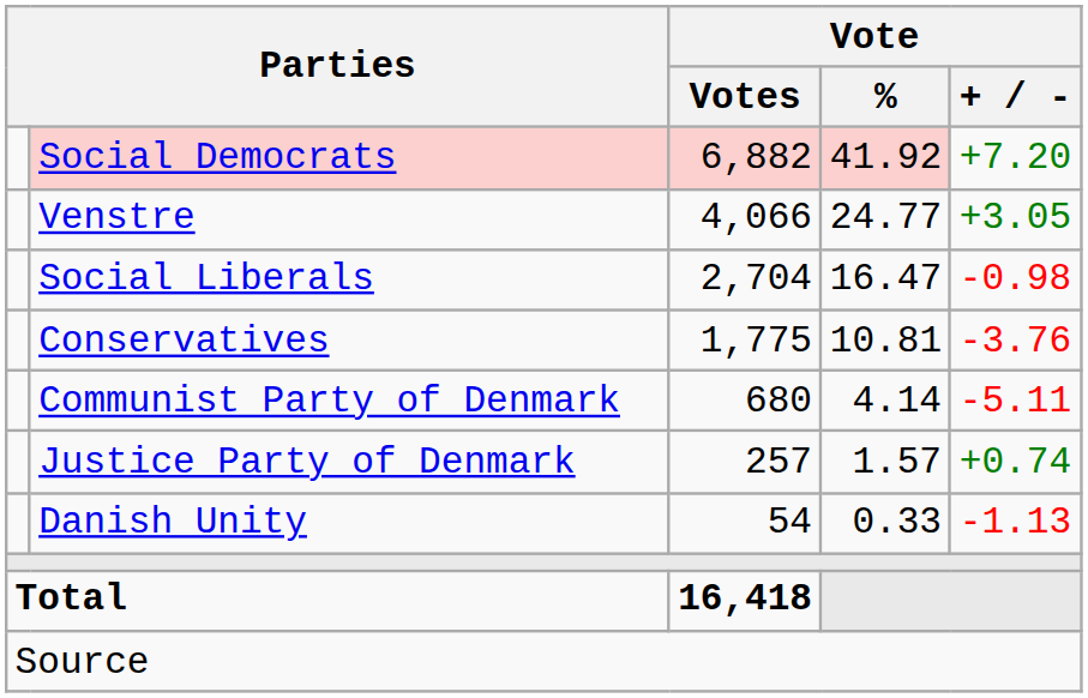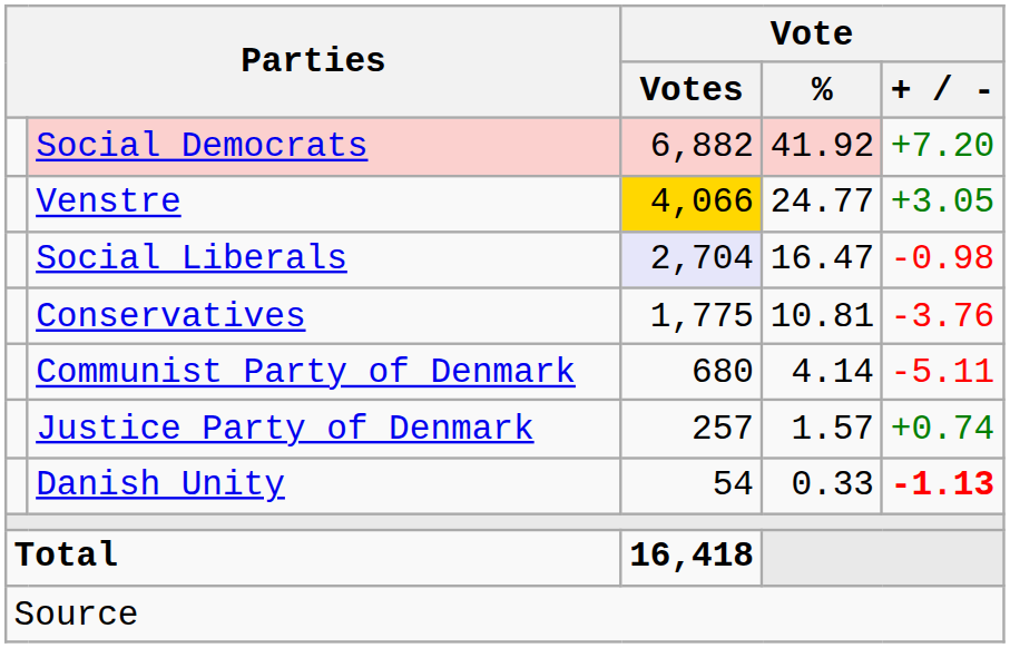 <table class="wikitable" style="text-align:right;">
 <tr>
 <th style="text-align:centre;" rowspan="2" colspan="2" width="225">Parties</th>
 <th colspan="3">Vote</th>
 </tr>
 <tr>
 <th width="15">Votes</th>
 <th width="15">%</th>
 <th width="15">+ / -</th>
 </tr>
 <tr>
 <td width="2" style="color:inherit;background:"></td>
 <td bgcolor=#fbd0ce  align="left"><a href='#'>Social Democrats</a></td>
 <td bgcolor=#fbd0ce>6,882</td>
 <td bgcolor=#fbd0ce>41.92</td>
 <td style=color:green;>+7.20</td>
 </tr>
 <tr>
 <td width="2" style="color:inherit;background:"></td>
 <td align="left"><a href='#'>Venstre</a></td>
-<td>4,066</td>
+<td style="background: gold;">4,066</td>
 <td>24.77</td>
 <td style=color:green;>+3.05</td>
 </tr>
 <tr>
 <td width="2" style="color:inherit;background:"></td>
 <td align="left"><a href='#'>Social Liberals</a></td>
-<td>2,704</td>
+<td style="background: lavender;">2,704</td>
 <td>16.47</td>
 <td style=color:red;>-0.98</td>
 </tr>
 <tr>
 <td width="2" style="color:inherit;background:"></td>
 <td align="left"><a href='#'>Conservatives</a></td>
 <td>1,775</td>
 <td>10.81</td>
 <td style=color:red;>-3.76</td>
 </tr>
 <tr>
 <td width="2" style="color:inherit;background:"></td>
 <td align="left"><a href='#'>Communist Party of Denmark</a></td>
 <td>680</td>
 <td>4.14</td>
 <td style=color:red;>-5.11</td>
 </tr>
 <tr>
 <td width="2" style="color:inherit;background:"></td>
 <td align="left"><a href='#'>Justice Party of Denmark</a></td>
 <td>257</td>
 <td>1.57</td>
 <td style=color:green;>+0.74</td>
 </tr>
 <tr>
 <td width="2" style="color:inherit;background:"></td>
 <td align="left"><a href='#'>Danish Unity</a></td>
 <td>54</td>
 <td>0.33</td>
-<td style=color:red;>-1.13</td>
+<td style=color:red;><strong>-1.13</strong></td>
 </tr>
 <tr>
 <td colspan="7" bgcolor="#E9E9E9"></td>
 </tr>
 <tr>
 <td align="left" colspan="2"><strong>Total</strong></td>
 <td><strong>16,418</strong></td>
 <td bgcolor="#E9E9E9" colspan="2"></td>
 </tr>
 <tr>
 <td align="left" colspan="6">Source</td>
 </tr>
 </table>
